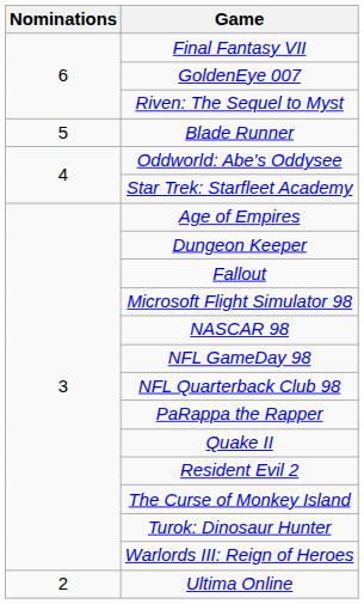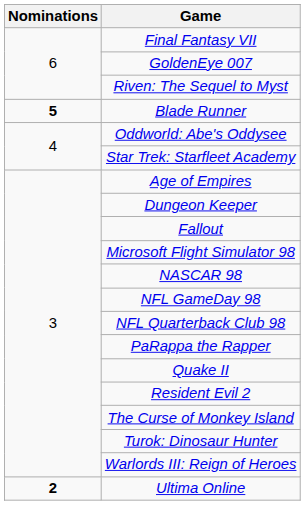 <table class="wikitable floatleft" rowspan="2" style="text-align:center;" background: #f6e39c;>
 <tr>
 <th scope="col" align="center">Nominations</th>
 <th scope="col" align="center">Game</th>
 </tr>
 <tr>
 <td rowspan=3>6</td>
 <td><em><a href='#'>Final Fantasy VII</a></em></td>
 </tr>
 <tr>
 <td><em><a href='#'>GoldenEye 007</a></em></td>
 </tr>
 <tr>
 <td><em><a href='#'>Riven: The Sequel to Myst</a></em></td>
 </tr>
 <tr>
-<td>5</td>
+<td><strong>5</strong></td>
 <td><em><a href='#'>Blade Runner</a></em></td>
 </tr>
 <tr>
 <td rowspan=2>4</td>
 <td><em><a href='#'>Oddworld: Abe's Oddysee</a></em></td>
 </tr>
 <tr>
 <td><em><a href='#'>Star Trek: Starfleet Academy</a></em></td>
 </tr>
 <tr>
 <td rowspan=13 style="text-align:center">3</td>
 <td><em><a href='#'>Age of Empires</a></em></td>
 </tr>
 <tr>
 <td><em><a href='#'>Dungeon Keeper</a></em></td>
 </tr>
 <tr>
 <td><em><a href='#'>Fallout</a></em></td>
 </tr>
 <tr>
 <td><em><a href='#'>Microsoft Flight Simulator 98</a></em></td>
 </tr>
 <tr>
 <td><em><a href='#'>NASCAR 98</a></em></td>
 </tr>
 <tr>
 <td><em><a href='#'>NFL GameDay 98</a></em></td>
 </tr>
 <tr>
 <td><em><a href='#'>NFL Quarterback Club 98</a></em></td>
 </tr>
 <tr>
 <td><em><a href='#'>PaRappa the Rapper</a></em></td>
 </tr>
 <tr>
 <td><em><a href='#'>Quake II</a></em></td>
 </tr>
 <tr>
 <td><em><a href='#'>Resident Evil 2</a></em></td>
 </tr>
 <tr>
 <td><em><a href='#'>The Curse of Monkey Island</a></em></td>
 </tr>
 <tr>
 <td><em><a href='#'>Turok: Dinosaur Hunter</a></em></td>
 </tr>
 <tr>
 <td><em><a href='#'>Warlords III: Reign of Heroes</a></em></td>
 </tr>
 <tr>
-<td style="text-align:center">2</td>
+<td style="text-align:center"><strong>2</strong></td>
 <td><em><a href='#'>Ultima Online</a></em></td>
 </tr>
 </table>
